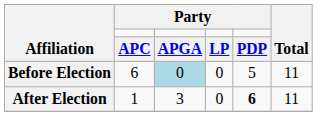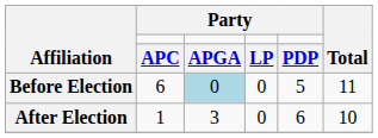 <table class=wikitable style="text-align:center">
 <tr style="vertical-align:bottom;">
 <th rowspan=3>Affiliation</th>
 <th colspan="4">Party</th>
 <th rowspan=3>Total</th>
 </tr>
 <tr>
 <td style="background-color:"></td>
 <td style="background-color:"></td>
 <td style="background-color:"></td>
 <td style="background-color:"></td>
 </tr>
 <tr>
 <th><a href='#'>APC</a></th>
 <th><a href='#'>APGA</a></th>
 <th><a href='#'>LP</a></th>
 <th><a href='#'>PDP</a></th>
 </tr>
 <tr>
 <th>Before Election</th>
 <td>6</td>
 <td style="background: lightblue;">0</td>
 <td>0</td>
 <td>5</td>
 <td>11</td>
 </tr>
 <tr>
 <th>After Election</th>
 <td>1</td>
 <td>3</td>
 <td>0</td>
-<td><strong>6</strong></td>
-<td>11</td>
+<td>6</td>
+<td>10</td>
 </tr>
 <tr>
 </tr>
 </table>
